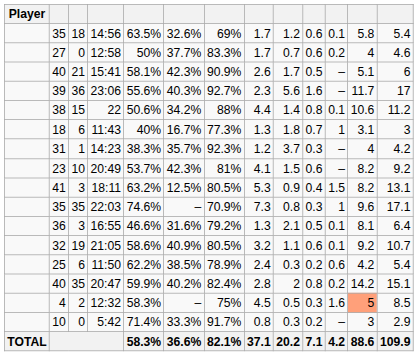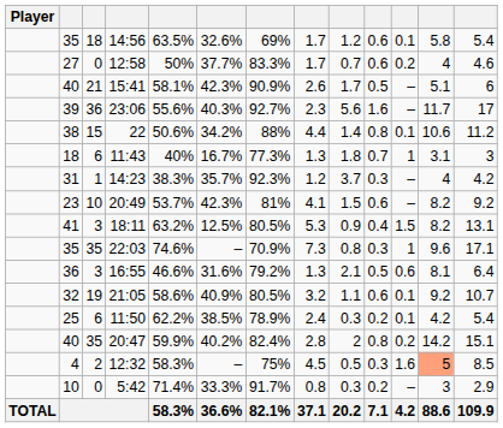 <table class="wikitable sortable" style="font-size:95%; text-align:right;">
 <tr>
 <th>Player</th>
 <th></th>
 <th></th>
 <th></th>
 <th></th>
 <th></th>
 <th></th>
 <th></th>
 <th></th>
 <th></th>
 <th></th>
 <th></th>
 <th></th>
 </tr>
 <tr>
 <td></td>
 <td>35</td>
 <td>18</td>
 <td>14:56</td>
 <td>63.5%</td>
 <td>32.6%</td>
 <td>69%</td>
 <td>1.7</td>
 <td>1.2</td>
 <td>0.6</td>
 <td>0.1</td>
 <td>5.8</td>
 <td>5.4</td>
 </tr>
 <tr>
 <td></td>
 <td>27</td>
 <td>0</td>
 <td>12:58</td>
 <td>50%</td>
 <td>37.7%</td>
 <td>83.3%</td>
 <td>1.7</td>
 <td>0.7</td>
 <td>0.6</td>
 <td>0.2</td>
 <td>4</td>
 <td>4.6</td>
 </tr>
 <tr>
 <td></td>
 <td>40</td>
 <td>21</td>
 <td>15:41</td>
 <td>58.1%</td>
 <td>42.3%</td>
 <td>90.9%</td>
 <td>2.6</td>
 <td>1.7</td>
 <td>0.5</td>
 <td>–</td>
 <td>5.1</td>
 <td>6</td>
 </tr>
 <tr>
 <td></td>
 <td>39</td>
 <td>36</td>
 <td>23:06</td>
 <td>55.6%</td>
 <td>40.3%</td>
 <td>92.7%</td>
 <td>2.3</td>
 <td>5.6</td>
 <td>1.6</td>
 <td>–</td>
 <td>11.7</td>
 <td>17</td>
 </tr>
 <tr>
 <td></td>
 <td>38</td>
 <td>15</td>
 <td>22</td>
 <td>50.6%</td>
 <td>34.2%</td>
 <td>88%</td>
 <td>4.4</td>
 <td>1.4</td>
 <td>0.8</td>
 <td>0.1</td>
 <td>10.6</td>
 <td>11.2</td>
 </tr>
 <tr>
 <td></td>
 <td>18</td>
 <td>6</td>
 <td>11:43</td>
 <td>40%</td>
 <td>16.7%</td>
 <td>77.3%</td>
 <td>1.3</td>
 <td>1.8</td>
 <td>0.7</td>
 <td>1</td>
 <td>3.1</td>
 <td>3</td>
 </tr>
 <tr>
 <td></td>
 <td>31</td>
 <td>1</td>
 <td>14:23</td>
 <td>38.3%</td>
 <td>35.7%</td>
 <td>92.3%</td>
 <td>1.2</td>
 <td>3.7</td>
 <td>0.3</td>
 <td>–</td>
 <td>4</td>
 <td>4.2</td>
 </tr>
 <tr>
 <td></td>
 <td>23</td>
 <td>10</td>
 <td>20:49</td>
 <td>53.7%</td>
 <td>42.3%</td>
 <td>81%</td>
 <td>4.1</td>
 <td>1.5</td>
 <td>0.6</td>
 <td>–</td>
 <td>8.2</td>
 <td>9.2</td>
 </tr>
 <tr>
 <td></td>
 <td>41</td>
 <td>3</td>
 <td>18:11</td>
 <td>63.2%</td>
 <td>12.5%</td>
 <td>80.5%</td>
 <td>5.3</td>
 <td>0.9</td>
 <td>0.4</td>
 <td>1.5</td>
 <td>8.2</td>
 <td>13.1</td>
 </tr>
 <tr>
 <td></td>
 <td>35</td>
 <td>35</td>
 <td>22:03</td>
 <td>74.6%</td>
 <td>–</td>
 <td>70.9%</td>
 <td>7.3</td>
 <td>0.8</td>
 <td>0.3</td>
 <td>1</td>
 <td>9.6</td>
 <td>17.1</td>
 </tr>
 <tr>
 <td></td>
 <td>36</td>
 <td>3</td>
 <td>16:55</td>
 <td>46.6%</td>
 <td>31.6%</td>
 <td>79.2%</td>
 <td>1.3</td>
 <td>2.1</td>
 <td>0.5</td>
-<td>0.1</td>
+<td>0.6</td>
 <td>8.1</td>
 <td>6.4</td>
 </tr>
 <tr>
 <td></td>
 <td>32</td>
 <td>19</td>
 <td>21:05</td>
 <td>58.6%</td>
 <td>40.9%</td>
 <td>80.5%</td>
 <td>3.2</td>
 <td>1.1</td>
 <td>0.6</td>
 <td>0.1</td>
 <td>9.2</td>
 <td>10.7</td>
 </tr>
 <tr>
 <td></td>
 <td>25</td>
 <td>6</td>
 <td>11:50</td>
 <td>62.2%</td>
 <td>38.5%</td>
 <td>78.9%</td>
 <td>2.4</td>
 <td>0.3</td>
 <td>0.2</td>
-<td>0.6</td>
+<td>0.1</td>
 <td>4.2</td>
 <td>5.4</td>
 </tr>
 <tr>
 <td></td>
 <td>40</td>
 <td>35</td>
 <td>20:47</td>
 <td>59.9%</td>
 <td>40.2%</td>
 <td>82.4%</td>
 <td>2.8</td>
 <td>2</td>
 <td>0.8</td>
 <td>0.2</td>
 <td>14.2</td>
 <td>15.1</td>
 </tr>
 <tr>
 <td></td>
 <td>4</td>
 <td>2</td>
 <td>12:32</td>
 <td>58.3%</td>
 <td>–</td>
 <td>75%</td>
 <td>4.5</td>
 <td>0.5</td>
 <td>0.3</td>
 <td>1.6</td>
 <td style="background: lightsalmon;">5</td>
 <td>8.5</td>
 </tr>
 <tr>
 <td></td>
 <td>10</td>
 <td>0</td>
 <td>5:42</td>
 <td>71.4%</td>
 <td>33.3%</td>
 <td>91.7%</td>
 <td>0.8</td>
 <td>0.3</td>
 <td>0.2</td>
 <td>–</td>
 <td>3</td>
 <td>2.9</td>
 </tr>
 <tr>
 <th align=center>TOTAL</th>
 <th colspan=3></th>
 <th>58.3%</th>
 <th>36.6%</th>
 <th>82.1%</th>
 <th>37.1</th>
 <th>20.2</th>
 <th>7.1</th>
 <th>4.2</th>
 <th>88.6</th>
 <th>109.9</th>
 </tr>
 </table>
